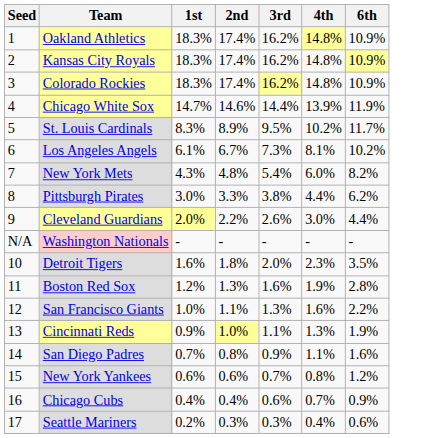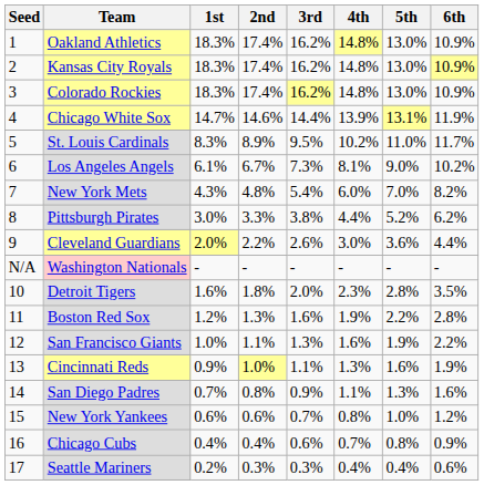 <table class="wikitable">
 <tr>
 <th>Seed</th>
 <th>Team</th>
 <th>1st</th>
 <th>2nd</th>
 <th>3rd</th>
 <th>4th</th>
+<th>5th</th>
 <th>6th</th>
 </tr>
 <tr>
 <td align="left">1</td>
 <td style="background:#ff9;"><a href='#'>Oakland Athletics</a></td>
 <td>18.3%</td>
 <td>17.4%</td>
 <td>16.2%</td>
 <td style="background:#ff9;">14.8%</td>
+<td>13.0%</td>
 <td>10.9%</td>
 </tr>
 <tr>
 <td align="left">2</td>
 <td style="background:#ff9;"><a href='#'>Kansas City Royals</a></td>
 <td>18.3%</td>
 <td>17.4%</td>
 <td>16.2%</td>
 <td>14.8%</td>
+<td>13.0%</td>
 <td style="background:#ff9;">10.9%</td>
 </tr>
 <tr>
 <td align="left">3</td>
 <td style="background:#ff9;"><a href='#'>Colorado Rockies</a></td>
 <td>18.3%</td>
 <td>17.4%</td>
 <td style="background:#ff9;">16.2%</td>
 <td>14.8%</td>
+<td>13.0%</td>
 <td>10.9%</td>
 </tr>
 <tr>
 <td align="left">4</td>
 <td style="background:#ff9;"><a href='#'>Chicago White Sox</a></td>
 <td>14.7%</td>
 <td>14.6%</td>
 <td>14.4%</td>
 <td>13.9%</td>
+<td style="background:#ff9;">13.1%</td>
 <td>11.9%</td>
 </tr>
 <tr>
 <td align="left">5</td>
 <td style="background:#DDDDDD;"><a href='#'>St. Louis Cardinals</a></td>
 <td>8.3%</td>
 <td>8.9%</td>
 <td>9.5%</td>
 <td>10.2%</td>
+<td>11.0%</td>
 <td>11.7%</td>
 </tr>
 <tr>
 <td align="left">6</td>
 <td style="background:#DDDDDD;"><a href='#'>Los Angeles Angels</a></td>
 <td>6.1%</td>
 <td>6.7%</td>
 <td>7.3%</td>
 <td>8.1%</td>
+<td>9.0%</td>
 <td>10.2%</td>
 </tr>
 <tr>
 <td align="left">7</td>
 <td style="background:#DDDDDD;"><a href='#'>New York Mets</a></td>
 <td>4.3%</td>
 <td>4.8%</td>
 <td>5.4%</td>
 <td>6.0%</td>
+<td>7.0%</td>
 <td>8.2%</td>
 </tr>
 <tr>
 <td align="left">8</td>
 <td style="background:#DDDDDD;"><a href='#'>Pittsburgh Pirates</a></td>
 <td>3.0%</td>
 <td>3.3%</td>
 <td>3.8%</td>
 <td>4.4%</td>
+<td>5.2%</td>
 <td>6.2%</td>
 </tr>
 <tr>
 <td align="left">9</td>
 <td style="background:#ff9;"><a href='#'>Cleveland Guardians</a></td>
 <td style="background:#ff9;">2.0%</td>
 <td>2.2%</td>
 <td>2.6%</td>
 <td>3.0%</td>
+<td>3.6%</td>
 <td>4.4%</td>
 </tr>
 <tr>
 <td align="left">N/A</td>
 <td style="background:#FFCCCC;"><a href='#'>Washington Nationals</a></td>
+<td>-</td>
 <td>-</td>
 <td>-</td>
 <td>-</td>
 <td>-</td>
 <td>-</td>
 </tr>
 <tr>
 <td align="left">10</td>
 <td style="background:#DDDDDD;"><a href='#'>Detroit Tigers</a></td>
 <td>1.6%</td>
 <td>1.8%</td>
 <td>2.0%</td>
 <td>2.3%</td>
+<td>2.8%</td>
 <td>3.5%</td>
 </tr>
 <tr>
 <td align="left">11</td>
 <td style="background:#DDDDDD;"><a href='#'>Boston Red Sox</a></td>
 <td>1.2%</td>
 <td>1.3%</td>
 <td>1.6%</td>
 <td>1.9%</td>
+<td>2.2%</td>
 <td>2.8%</td>
 </tr>
 <tr>
 <td align="left">12</td>
 <td style="background:#DDDDDD;"><a href='#'>San Francisco Giants</a></td>
 <td>1.0%</td>
 <td>1.1%</td>
 <td>1.3%</td>
 <td>1.6%</td>
+<td>1.9%</td>
 <td>2.2%</td>
 </tr>
 <tr>
 <td align="left">13</td>
 <td style="background:#ff9;"><a href='#'>Cincinnati Reds</a></td>
 <td>0.9%</td>
 <td style="background:#ff9;">1.0%</td>
 <td>1.1%</td>
 <td>1.3%</td>
+<td>1.6%</td>
 <td>1.9%</td>
 </tr>
 <tr>
 <td align="left">14</td>
 <td style="background:#DDDDDD;"><a href='#'>San Diego Padres</a></td>
 <td>0.7%</td>
 <td>0.8%</td>
 <td>0.9%</td>
 <td>1.1%</td>
+<td>1.3%</td>
 <td>1.6%</td>
 </tr>
 <tr>
 <td align="left">15</td>
 <td style="background:#DDDDDD;"><a href='#'>New York Yankees</a></td>
 <td>0.6%</td>
 <td>0.6%</td>
 <td>0.7%</td>
 <td>0.8%</td>
+<td>1.0%</td>
 <td>1.2%</td>
 </tr>
 <tr>
 <td align="left">16</td>
 <td style="background:#DDDDDD;"><a href='#'>Chicago Cubs</a></td>
 <td>0.4%</td>
 <td>0.4%</td>
 <td>0.6%</td>
 <td>0.7%</td>
+<td>0.8%</td>
 <td>0.9%</td>
 </tr>
 <tr>
 <td align="left">17</td>
 <td style="background:#DDDDDD;"><a href='#'>Seattle Mariners</a></td>
 <td>0.2%</td>
 <td>0.3%</td>
 <td>0.3%</td>
 <td>0.4%</td>
+<td>0.4%</td>
 <td>0.6%</td>
 </tr>
 </table>
